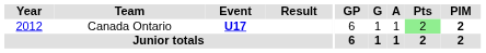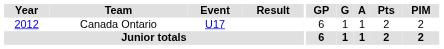 <table border="0" cellpadding="1" cellspacing="0" ID="Table3" style="text-align:center; width:40em">
 <tr ALIGN="center" bgcolor="#e0e0e0">
 <th>Year</th>
 <th>Team</th>
 <th>Event</th>
 <th>Result</th>
 <th rowspan="99" bgcolor="#ffffff"></th>
 <th>GP</th>
 <th>G</th>
 <th>A</th>
 <th>Pts</th>
 <th>PIM</th>
 </tr>
 <tr>
 <td><a href='#'>2012</a></td>
 <td>Canada Ontario</td>
-<td><strong><a href='#'>U17</a></strong></td>
+<td><a href='#'>U17</a></td>
 <td></td>
 <td>6</td>
 <td>1</td>
 <td>1</td>
-<td style="background: lightgreen;">2</td>
-<td><strong>2</strong></td>
+<td>2</td>
+<td>2</td>
 </tr>
 <tr bgcolor="#e0e0e0">
 <th colspan="4">Junior totals</th>
 <th>6</th>
 <th>1</th>
 <th>1</th>
 <th>2</th>
 <th>2</th>
 </tr>
 </table>
